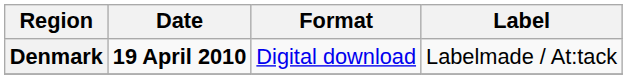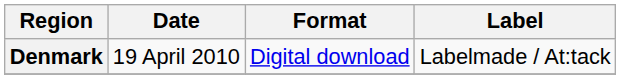 <table class="wikitable plainrowheaders">
 <tr>
 <th scope="col">Region</th>
 <th scope="col">Date</th>
 <th scope="col">Format</th>
 <th scope="col">Label</th>
 </tr>
 <tr>
 <th scope="row">Denmark</th>
-<td><strong>19 April 2010</strong></td>
+<td>19 April 2010</td>
 <td><a href='#'>Digital download</a></td>
 <td>Labelmade / At:tack</td>
 </tr>
 <tr>
 </tr>
 </table>
